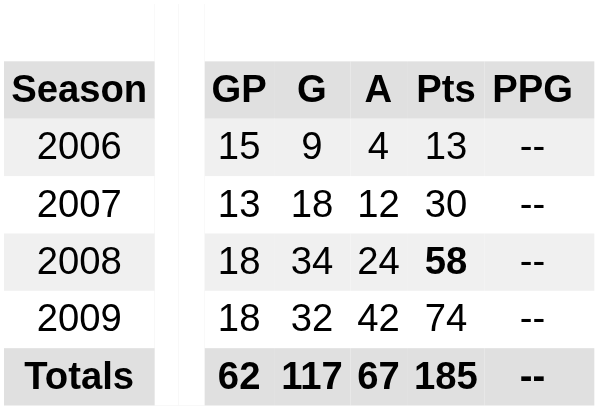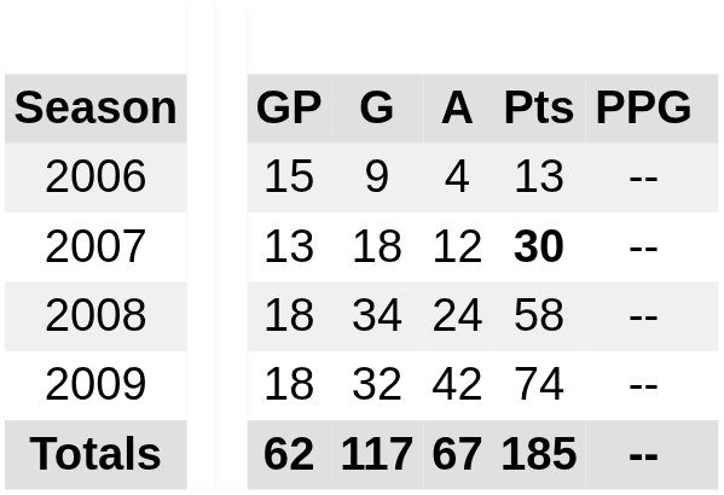 <table BORDER="0" CELLPADDING="3" CELLSPACING="0">
 <tr ALIGN="center" bgcolor="#e0e0e0">
 <th colspan="1" bgcolor="#ffffff"> </th>
 <th rowspan="99" bgcolor="#ffffff"> </th>
 <th rowspan="99" bgcolor="#ffffff"> </th>
 </tr>
 <tr ALIGN="center" bgcolor="#e0e0e0">
 <th>Season</th>
 <th>GP</th>
 <th>G</th>
 <th>A</th>
 <th>Pts</th>
 <th>PPG</th>
 <th></th>
 </tr>
 <tr ALIGN="center" bgcolor="#f0f0f0">
 <td>2006</td>
 <td>15</td>
 <td>9</td>
 <td>4</td>
 <td>13</td>
 <td>--</td>
 <td></td>
 </tr>
 <tr ALIGN="center">
 <td>2007</td>
 <td>13</td>
 <td>18</td>
 <td>12</td>
-<td>30</td>
+<td><strong>30</strong></td>
 <td>--</td>
 <td></td>
 </tr>
 <tr ALIGN="center" bgcolor="#f0f0f0">
 <td>2008</td>
 <td>18</td>
 <td>34</td>
 <td>24</td>
-<td><strong>58</strong></td>
+<td>58</td>
 <td>--</td>
 <td></td>
 </tr>
 <tr ALIGN="center">
 <td>2009</td>
 <td>18</td>
 <td>32</td>
 <td>42</td>
 <td>74</td>
 <td>--</td>
 <td></td>
 </tr>
 <tr ALIGN="center" bgcolor="#e0e0e0">
 <th colspan="1.5">Totals</th>
 <th>62</th>
 <th>117</th>
 <th>67</th>
 <th>185</th>
 <th>--</th>
 <th></th>
 </tr>
 </table>
